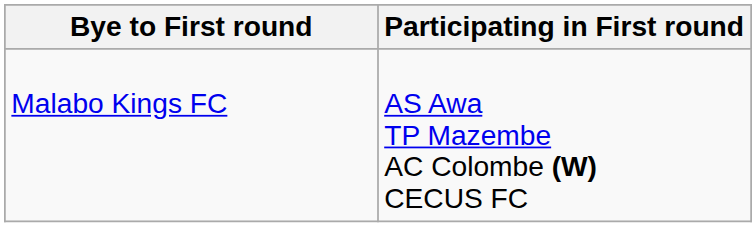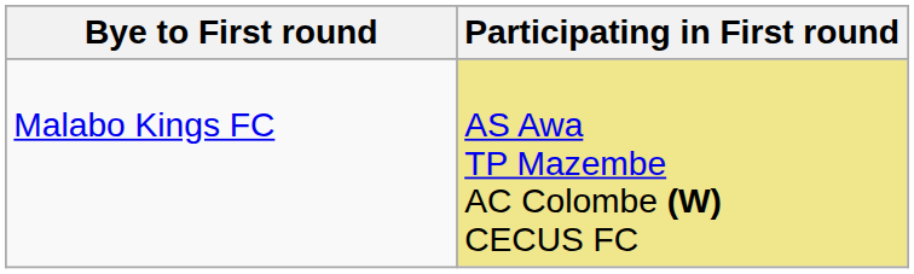 <table class="wikitable">
 <tr>
 <th colspan="1" width="50%">Bye to First round</th>
 <th colspan="1" width="50%">Participating in First round</th>
 </tr>
 <tr valign="top">
 <td><br> <a href='#'>Malabo Kings FC</a></td>
-<td><br> <a href='#'>AS Awa</a><br>  <a href='#'>TP Mazembe</a><br>  AC Colombe <strong>(W)</strong><br>  CECUS FC</td>
+<td style="background: khaki;"><br> <a href='#'>AS Awa</a><br>  <a href='#'>TP Mazembe</a><br>  AC Colombe <strong>(W)</strong><br>  CECUS FC</td>
 </tr>
 </table>
